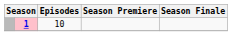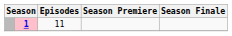 <table class="wikitable">
 <tr>
 <th colspan="2">Season</th>
 <th>Episodes</th>
 <th>Season Premiere</th>
 <th>Season Finale</th>
 </tr>
 <tr>
 <td style="background:#BABABA; height:5px;"></td>
 <td style="background: pink; text-align:center;"><strong><a href='#'>1</a></strong></td>
-<td style="text-align:center;">10</td>
+<td style="text-align:center;">11</td>
 <td style="text-align:center;"></td>
 <td style="text-align:center;"></td>
 </tr>
 <tr>
 </tr>
 </table>
